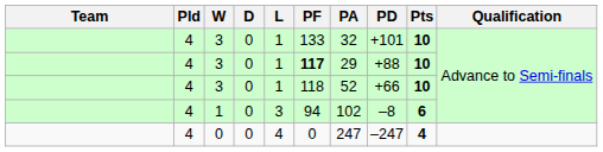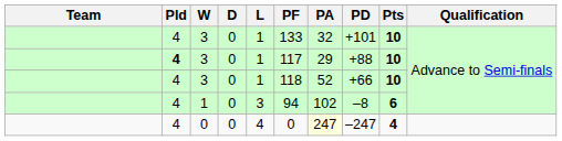 <table class="wikitable" style="text-align:center;">
 <tr>
 <th width=175>Team</th>
 <th width=25 abbr="Played">Pld</th>
 <th width=25 abbr="Won">W</th>
 <th width=25 abbr="Drawn">D</th>
 <th width=25 abbr="Lost">L</th>
 <th width=32 abbr="Points for">PF</th>
 <th width=32 abbr="Points against">PA</th>
 <th width=32 abbr="Points difference">PD</th>
 <th width=25 abbr="Points">Pts</th>
 <th width=165>Qualification</th>
 </tr>
 <tr bgcolor=ccffcc>
 <td align=left></td>
 <td>4</td>
 <td>3</td>
 <td>0</td>
 <td>1</td>
 <td>133</td>
 <td>32</td>
 <td>+101</td>
 <td><strong>10</strong></td>
 <td rowspan=4>Advance to <a href='#'>Semi-finals</a></td>
 </tr>
 <tr bgcolor=ccffcc>
 <td align=left></td>
-<td>4</td>
+<td><strong>4</strong></td>
 <td>3</td>
 <td>0</td>
 <td>1</td>
-<td><strong>117</strong></td>
+<td>117</td>
 <td>29</td>
 <td>+88</td>
 <td><strong>10</strong></td>
 </tr>
 <tr bgcolor=ccffcc>
 <td align=left></td>
 <td>4</td>
 <td>3</td>
 <td>0</td>
 <td>1</td>
 <td>118</td>
 <td>52</td>
 <td>+66</td>
 <td><strong>10</strong></td>
 </tr>
 <tr bgcolor=ccffcc>
 <td align=left></td>
 <td>4</td>
 <td>1</td>
 <td>0</td>
 <td>3</td>
 <td>94</td>
 <td>102</td>
 <td>–8</td>
 <td><strong>6</strong></td>
 </tr>
 <tr>
 <td align=left></td>
 <td>4</td>
 <td>0</td>
 <td>0</td>
 <td>4</td>
 <td>0</td>
-<td>247</td>
+<td style="background: lightyellow;">247</td>
 <td>–247</td>
 <td><strong>4</strong></td>
 <td></td>
 </tr>
 </table>
